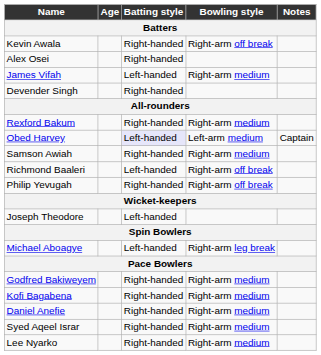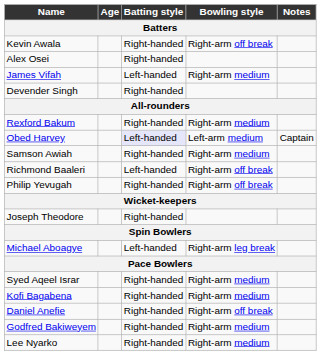 <table class="wikitable">
 <tr>
 <th style="text-align:center; background:#333333; color:white;">Name</th>
 <th style="text-align:center; background:#333333; color:white;">Age</th>
 <th style="text-align:center; background:#333333; color:white;">Batting style</th>
 <th style="text-align:center; background:#333333; color:white;">Bowling style</th>
 <th style="text-align:center; background:#333333; color:white;">Notes</th>
 </tr>
 <tr>
 <th colspan="5">Batters</th>
 </tr>
 <tr>
 <td>Kevin Awala</td>
 <td></td>
 <td>Right-handed</td>
 <td>Right-arm <a href='#'>off break</a></td>
 <td></td>
 </tr>
 <tr>
 <td>Alex Osei</td>
 <td></td>
 <td>Right-handed</td>
 <td></td>
 <td></td>
 </tr>
 <tr>
 <td><a href='#'>James Vifah</a></td>
 <td></td>
 <td>Left-handed</td>
 <td>Right-arm <a href='#'>medium</a></td>
 <td></td>
 </tr>
 <tr>
 <td>Devender Singh</td>
 <td></td>
 <td>Right-handed</td>
 <td></td>
 <td></td>
 </tr>
 <tr>
 <th colspan="5">All-rounders</th>
 </tr>
 <tr>
 <td><a href='#'>Rexford Bakum</a></td>
 <td></td>
 <td>Right-handed</td>
 <td>Right-arm <a href='#'>medium</a></td>
 <td></td>
 </tr>
 <tr>
 <td><a href='#'>Obed Harvey</a></td>
 <td></td>
 <td style="background: lavender;">Left-handed</td>
 <td>Left-arm <a href='#'>medium</a></td>
 <td>Captain</td>
 </tr>
 <tr>
 <td>Samson Awiah</td>
 <td></td>
 <td>Right-handed</td>
 <td>Right-arm <a href='#'>medium</a></td>
 <td></td>
 </tr>
 <tr>
 <td>Richmond Baaleri</td>
 <td></td>
 <td>Left-handed</td>
 <td>Right-arm <a href='#'>off break</a></td>
 <td></td>
 </tr>
 <tr>
 <td>Philip Yevugah</td>
 <td></td>
 <td>Right-handed</td>
 <td>Right-arm <a href='#'>off break</a></td>
 <td></td>
 </tr>
 <tr>
 <th colspan="5">Wicket-keepers</th>
 </tr>
 <tr>
 <td>Joseph Theodore</td>
 <td></td>
-<td>Left-handed</td>
+<td>Right-handed</td>
 <td></td>
 <td></td>
 </tr>
 <tr>
 <th colspan="5">Spin Bowlers</th>
 </tr>
 <tr>
 <td><a href='#'>Michael Aboagye</a></td>
 <td></td>
 <td>Left-handed</td>
 <td>Right-arm <a href='#'>leg break</a></td>
 <td></td>
 </tr>
 <tr>
 <th colspan="5">Pace Bowlers</th>
 </tr>
 <tr>
-<td><a href='#'>Godfred Bakiweyem</a></td>
+<td>Syed Aqeel Israr</td>
 <td></td>
 <td>Right-handed</td>
 <td>Right-arm <a href='#'>medium</a></td>
 <td></td>
 </tr>
 <tr>
 <td><a href='#'>Kofi Bagabena</a></td>
 <td></td>
 <td>Right-handed</td>
 <td>Right-arm <a href='#'>medium</a></td>
 <td></td>
 </tr>
 <tr>
 <td><a href='#'>Daniel Anefie</a></td>
 <td></td>
 <td>Right-handed</td>
-<td>Right-arm <a href='#'>medium</a></td>
+<td>Right-arm <a href='#'>off break</a></td>
 <td></td>
 </tr>
 <tr>
-<td>Syed Aqeel Israr</td>
+<td><a href='#'>Godfred Bakiweyem</a></td>
 <td></td>
 <td>Right-handed</td>
 <td>Right-arm <a href='#'>medium</a></td>
 <td></td>
 </tr>
 <tr>
 <td>Lee Nyarko</td>
 <td></td>
 <td>Right-handed</td>
 <td>Right-arm <a href='#'>medium</a></td>
 <td></td>
 </tr>
 </table>
